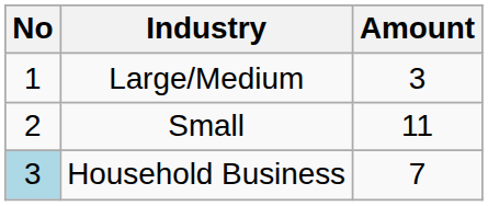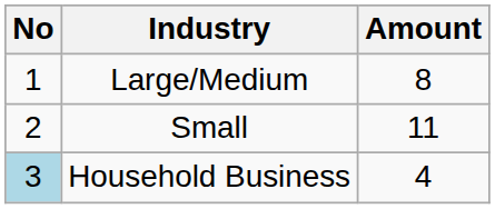 <table class="wikitable" style="text-align:center">
 <tr>
 <th>No</th>
 <th>Industry</th>
 <th>Amount</th>
 </tr>
 <tr>
 <td>1</td>
 <td>Large/Medium</td>
-<td>3</td>
+<td>8</td>
 </tr>
 <tr>
 <td>2</td>
 <td>Small</td>
 <td>11</td>
 </tr>
 <tr>
 <td style="background: lightblue;">3</td>
 <td>Household Business</td>
-<td>7</td>
+<td>4</td>
 </tr>
 </table>
